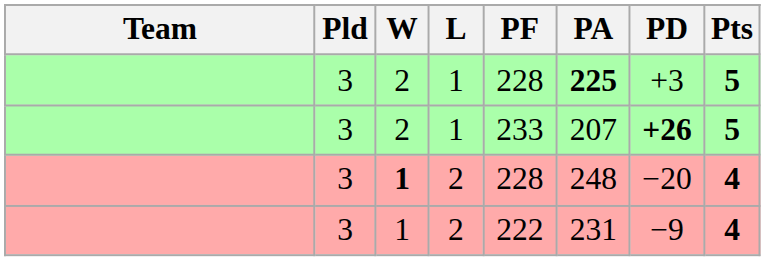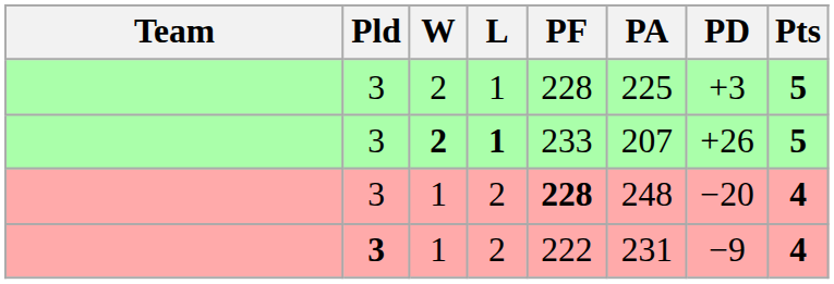 <table class=wikitable>
 <tr align=center>
 </tr>
 <tr>
 <th width=150>Team</th>
 <th width=20>Pld</th>
 <th width=20>W</th>
 <th width=20>L</th>
 <th width=30>PF</th>
 <th width=30>PA</th>
 <th width=30>PD</th>
 <th width=20>Pts</th>
 </tr>
 <tr align=center bgcolor=#aaffaa>
 <td align=left></td>
 <td>3</td>
 <td>2</td>
 <td>1</td>
 <td>228</td>
-<td><strong>225</strong></td>
+<td>225</td>
 <td>+3</td>
 <td><strong>5</strong></td>
 </tr>
 <tr align=center bgcolor=#aaffaa>
 <td align=left></td>
 <td>3</td>
-<td>2</td>
-<td>1</td>
+<td><strong>2</strong></td>
+<td><strong>1</strong></td>
 <td>233</td>
 <td>207</td>
-<td><strong>+26</strong></td>
+<td>+26</td>
 <td><strong>5</strong></td>
 </tr>
 <tr align=center bgcolor=#ffaaaa>
 <td align=left></td>
 <td>3</td>
-<td><strong>1</strong></td>
+<td>1</td>
 <td>2</td>
-<td>228</td>
+<td><strong>228</strong></td>
 <td>248</td>
 <td>−20</td>
 <td><strong>4</strong></td>
 </tr>
 <tr align=center bgcolor=#ffaaaa>
 <td align=left></td>
-<td>3</td>
+<td><strong>3</strong></td>
 <td>1</td>
 <td>2</td>
 <td>222</td>
 <td>231</td>
 <td>−9</td>
 <td><strong>4</strong></td>
 </tr>
 </table>
